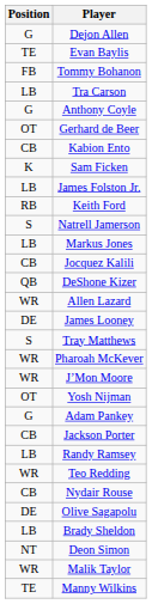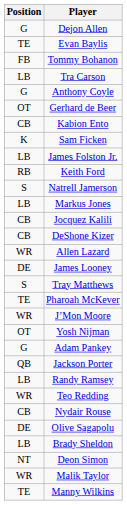 <table class="wikitable" style="text-align:center">
 <tr>
 <th>Position</th>
 <th>Player</th>
 </tr>
 <tr>
 <td>G</td>
 <td><a href='#'>Dejon Allen</a></td>
 </tr>
 <tr>
 <td>TE</td>
 <td><a href='#'>Evan Baylis</a></td>
 </tr>
 <tr>
 <td>FB</td>
 <td><a href='#'>Tommy Bohanon</a></td>
 </tr>
 <tr>
 <td>LB</td>
 <td><a href='#'>Tra Carson</a></td>
 </tr>
 <tr>
 <td>G</td>
 <td><a href='#'>Anthony Coyle</a></td>
 </tr>
 <tr>
 <td>OT</td>
 <td><a href='#'>Gerhard de Beer</a></td>
 </tr>
 <tr>
 <td>CB</td>
 <td><a href='#'>Kabion Ento</a></td>
 </tr>
 <tr>
 <td>K</td>
 <td><a href='#'>Sam Ficken</a></td>
 </tr>
 <tr>
 <td>LB</td>
 <td><a href='#'>James Folston Jr.</a></td>
 </tr>
 <tr>
 <td>RB</td>
 <td><a href='#'>Keith Ford</a></td>
 </tr>
 <tr>
 <td>S</td>
 <td><a href='#'>Natrell Jamerson</a></td>
 </tr>
 <tr>
 <td>LB</td>
 <td><a href='#'>Markus Jones</a></td>
 </tr>
 <tr>
 <td>CB</td>
 <td><a href='#'>Jocquez Kalili</a></td>
 </tr>
 <tr>
-<td>QB</td>
+<td>CB</td>
 <td><a href='#'>DeShone Kizer</a></td>
 </tr>
 <tr>
 <td>WR</td>
 <td><a href='#'>Allen Lazard</a></td>
 </tr>
 <tr>
 <td>DE</td>
 <td><a href='#'>James Looney</a></td>
 </tr>
 <tr>
 <td>S</td>
 <td><a href='#'>Tray Matthews</a></td>
 </tr>
 <tr>
-<td>WR</td>
+<td>TE</td>
 <td><a href='#'>Pharoah McKever</a></td>
 </tr>
 <tr>
 <td>WR</td>
 <td><a href='#'>J’Mon Moore</a></td>
 </tr>
 <tr>
 <td>OT</td>
 <td><a href='#'>Yosh Nijman</a></td>
 </tr>
 <tr>
 <td>G</td>
 <td><a href='#'>Adam Pankey</a></td>
 </tr>
 <tr>
-<td>CB</td>
+<td>QB</td>
 <td><a href='#'>Jackson Porter</a></td>
 </tr>
 <tr>
 <td>LB</td>
 <td><a href='#'>Randy Ramsey</a></td>
 </tr>
 <tr>
 <td>WR</td>
 <td><a href='#'>Teo Redding</a></td>
 </tr>
 <tr>
 <td>CB</td>
 <td><a href='#'>Nydair Rouse</a></td>
 </tr>
 <tr>
 <td>DE</td>
 <td><a href='#'>Olive Sagapolu</a></td>
 </tr>
 <tr>
 <td>LB</td>
 <td><a href='#'>Brady Sheldon</a></td>
 </tr>
 <tr>
 <td>NT</td>
 <td><a href='#'>Deon Simon</a></td>
 </tr>
 <tr>
 <td>WR</td>
 <td><a href='#'>Malik Taylor</a></td>
 </tr>
 <tr>
 <td>TE</td>
 <td><a href='#'>Manny Wilkins</a></td>
 </tr>
 </table>
